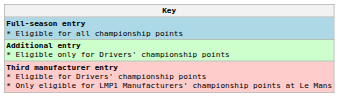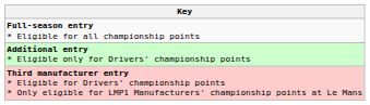 <table class="wikitable" style="font-size: 85%;">
 <tr>
 <th colspan=2>Key</th>
 </tr>
 <tr>
-<td style="background: lightblue;"><strong>Full-season entry</strong><br>* Eligible for all championship points</td>
+<td><strong>Full-season entry</strong><br>* Eligible for all championship points</td>
 </tr>
 <tr style="background:#ccffcc;">
 <td><strong>Additional entry</strong><br>* Eligible only for Drivers' championship points</td>
 </tr>
 <tr style="background:#ffcccc;">
 <td><strong>Third manufacturer entry</strong><br>* Eligible for Drivers' championship points<br>* Only eligible for LMP1 Manufacturers' championship points at Le Mans</td>
 </tr>
 </table>
